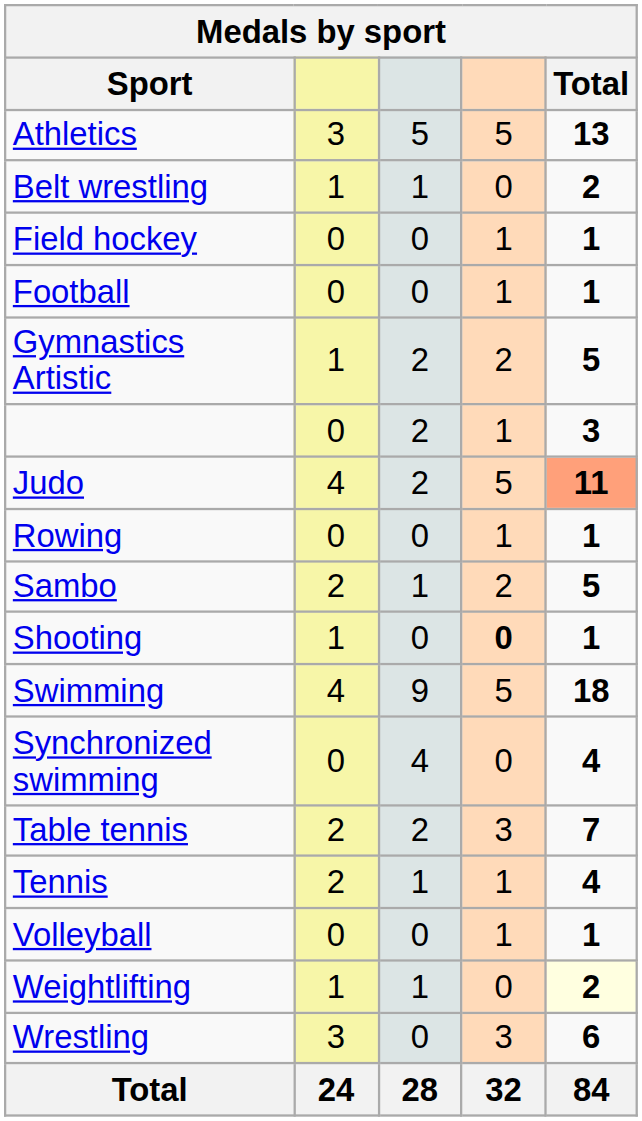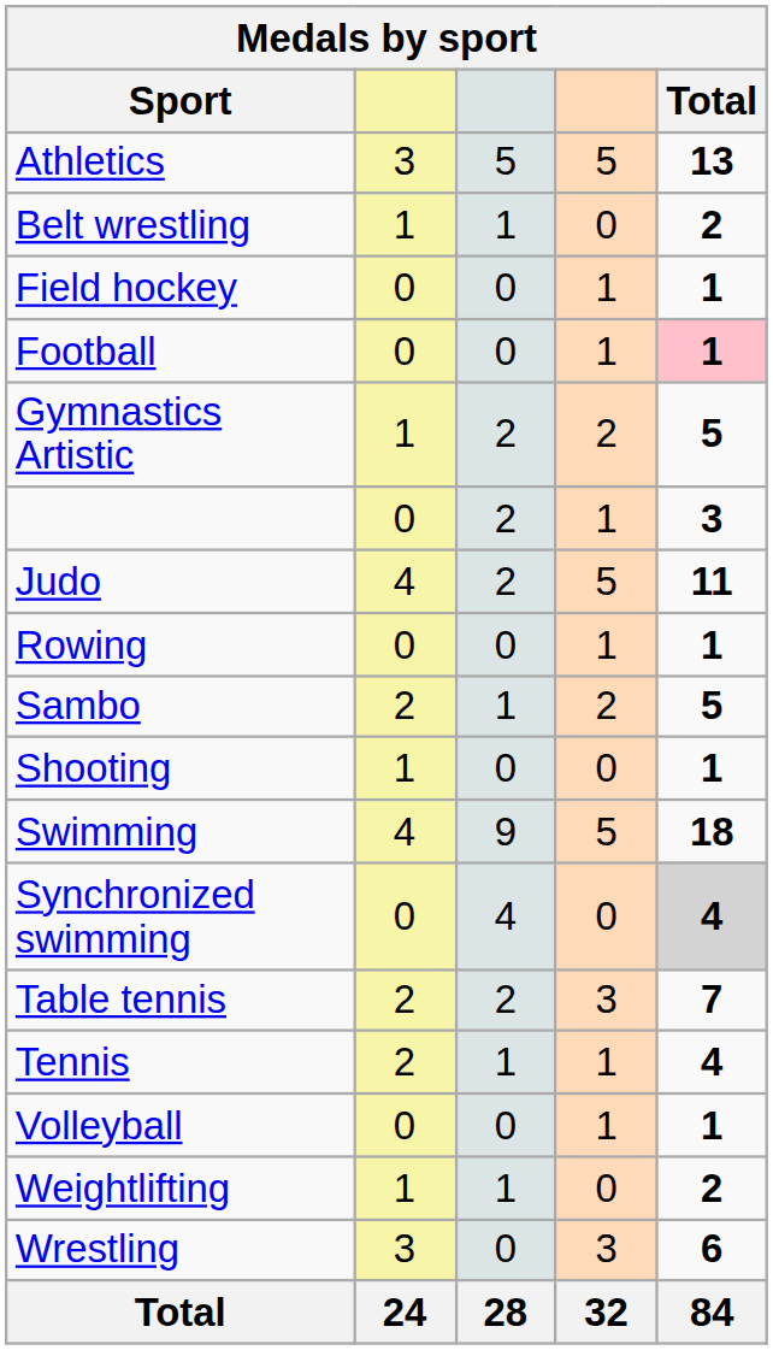 <table class="wikitable" style="font-size:90%; text-align:center;">
 <tr>
 <th colspan=5>Medals by sport</th>
 </tr>
 <tr>
 <th width=120>Sport</th>
 <th scope="col" width=30 style="background:#F7F6A8;"></th>
 <th scope="col" width=30 style="background:#DCE5E5;"></th>
 <th scope="col" width=30 style="background:#FFDAB9;"></th>
 <th width=30>Total</th>
 </tr>
 <tr>
 <td align=left><a href='#'>Athletics</a></td>
 <td style="background:#F7F6A8;">3</td>
 <td style="background:#DCE5E5;">5</td>
 <td style="background:#FFDAB9;">5</td>
 <td><strong>13</strong></td>
 </tr>
 <tr>
 <td align=left><a href='#'>Belt wrestling</a></td>
 <td style="background:#F7F6A8;">1</td>
 <td style="background:#DCE5E5;">1</td>
 <td style="background:#FFDAB9;">0</td>
 <td><strong>2</strong></td>
 </tr>
 <tr>
 <td align=left><a href='#'>Field hockey</a></td>
 <td style="background:#F7F6A8;">0</td>
 <td style="background:#DCE5E5;">0</td>
 <td style="background:#FFDAB9;">1</td>
 <td><strong>1</strong></td>
 </tr>
 <tr>
 <td align=left><a href='#'>Football</a></td>
 <td style="background:#F7F6A8;">0</td>
 <td style="background:#DCE5E5;">0</td>
 <td style="background:#FFDAB9;">1</td>
-<td><strong>1</strong></td>
+<td style="background: pink;"><strong>1</strong></td>
 </tr>
 <tr>
 <td align=left><a href='#'>Gymnastics Artistic</a></td>
 <td style="background:#F7F6A8;">1</td>
 <td style="background:#DCE5E5;">2</td>
 <td style="background:#FFDAB9;">2</td>
 <td><strong>5</strong></td>
 </tr>
 <tr>
 <td align=left></td>
 <td style="background:#F7F6A8;">0</td>
 <td style="background:#DCE5E5;">2</td>
 <td style="background:#FFDAB9;">1</td>
 <td><strong>3</strong></td>
 </tr>
 <tr>
 <td align=left><a href='#'>Judo</a></td>
 <td style="background:#F7F6A8;">4</td>
 <td style="background:#DCE5E5;">2</td>
 <td style="background:#FFDAB9;">5</td>
-<td style="background: lightsalmon;"><strong>11</strong></td>
+<td><strong>11</strong></td>
 </tr>
 <tr>
 <td align=left><a href='#'>Rowing</a></td>
 <td style="background:#F7F6A8;">0</td>
 <td style="background:#DCE5E5;">0</td>
 <td style="background:#FFDAB9;">1</td>
 <td><strong>1</strong></td>
 </tr>
 <tr>
 <td align=left><a href='#'>Sambo</a></td>
 <td style="background:#F7F6A8;">2</td>
 <td style="background:#DCE5E5;">1</td>
 <td style="background:#FFDAB9;">2</td>
 <td><strong>5</strong></td>
 </tr>
 <tr>
 <td align=left><a href='#'>Shooting</a></td>
 <td style="background:#F7F6A8;">1</td>
 <td style="background:#DCE5E5;">0</td>
-<td style="background:#FFDAB9;"><strong>0</strong></td>
+<td style="background:#FFDAB9;">0</td>
 <td><strong>1</strong></td>
 </tr>
 <tr>
 <td align=left><a href='#'>Swimming</a></td>
 <td style="background:#F7F6A8;">4</td>
 <td style="background:#DCE5E5;">9</td>
 <td style="background:#FFDAB9;">5</td>
 <td><strong>18</strong></td>
 </tr>
 <tr>
 <td align=left><a href='#'>Synchronized swimming</a></td>
 <td style="background:#F7F6A8;">0</td>
 <td style="background:#DCE5E5;">4</td>
 <td style="background:#FFDAB9;">0</td>
-<td><strong>4</strong></td>
+<td style="background: lightgrey;"><strong>4</strong></td>
 </tr>
 <tr>
 <td align=left><a href='#'>Table tennis</a></td>
 <td style="background:#F7F6A8;">2</td>
 <td style="background:#DCE5E5;">2</td>
 <td style="background:#FFDAB9;">3</td>
 <td><strong>7</strong></td>
 </tr>
 <tr>
 <td align=left><a href='#'>Tennis</a></td>
 <td style="background:#F7F6A8;">2</td>
 <td style="background:#DCE5E5;">1</td>
 <td style="background:#FFDAB9;">1</td>
 <td><strong>4</strong></td>
 </tr>
 <tr>
 <td align=left><a href='#'>Volleyball</a></td>
 <td style="background:#F7F6A8;">0</td>
 <td style="background:#DCE5E5;">0</td>
 <td style="background:#FFDAB9;">1</td>
 <td><strong>1</strong></td>
 </tr>
 <tr>
 <td align=left><a href='#'>Weightlifting</a></td>
 <td style="background:#F7F6A8;">1</td>
 <td style="background:#DCE5E5;">1</td>
 <td style="background:#FFDAB9;">0</td>
-<td style="background: lightyellow;"><strong>2</strong></td>
+<td><strong>2</strong></td>
 </tr>
 <tr>
 <td align=left><a href='#'>Wrestling</a></td>
 <td style="background:#F7F6A8;">3</td>
 <td style="background:#DCE5E5;">0</td>
 <td style="background:#FFDAB9;">3</td>
 <td><strong>6</strong></td>
 </tr>
 <tr class="sortbottom">
 <th>Total</th>
 <th>24</th>
 <th>28</th>
 <th>32</th>
 <th>84</th>
 </tr>
 </table>
